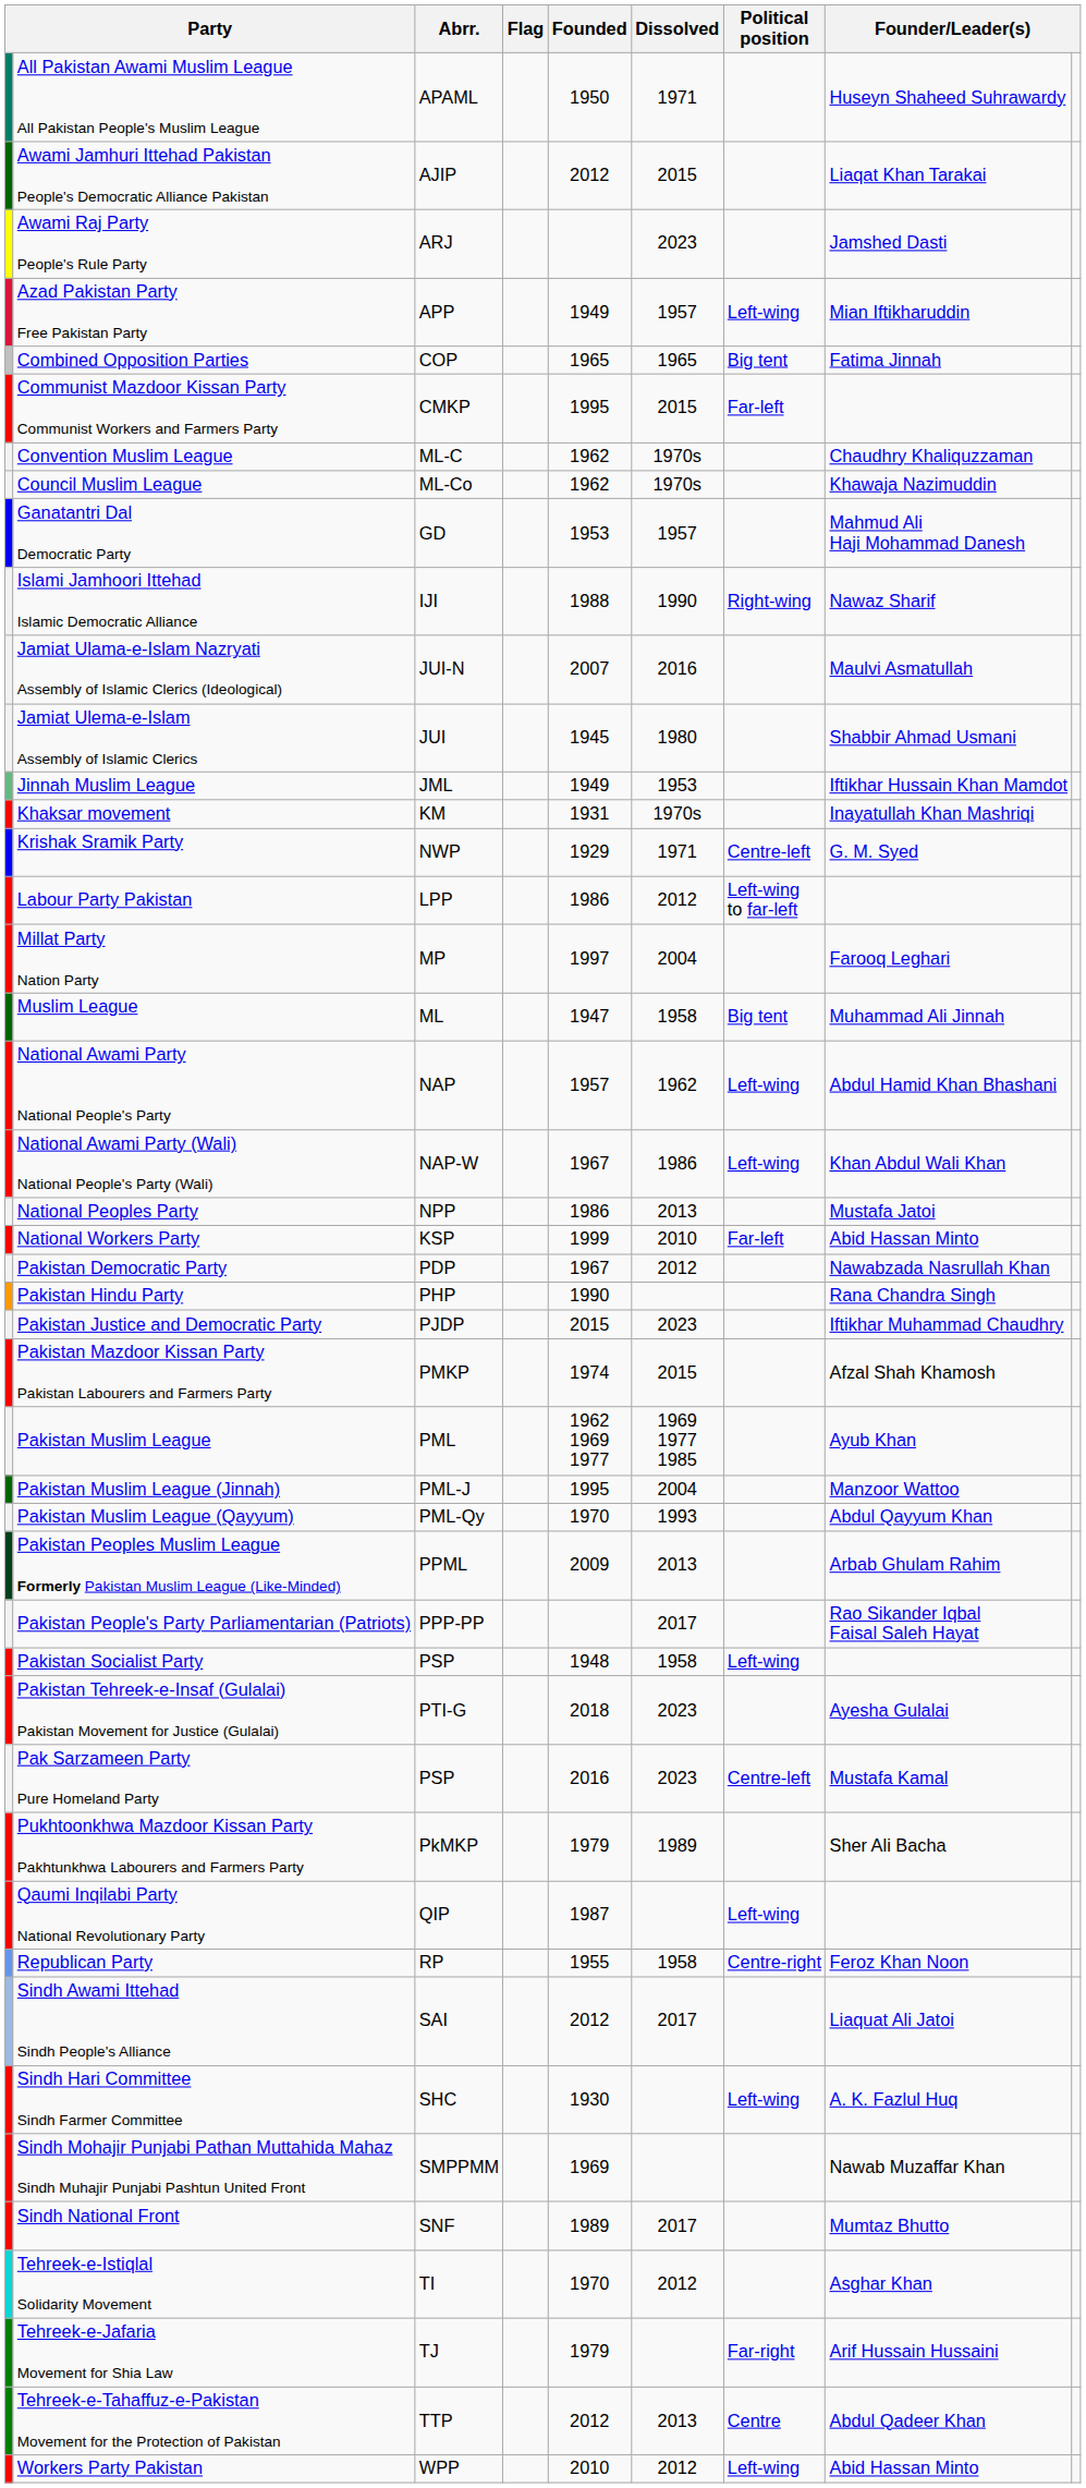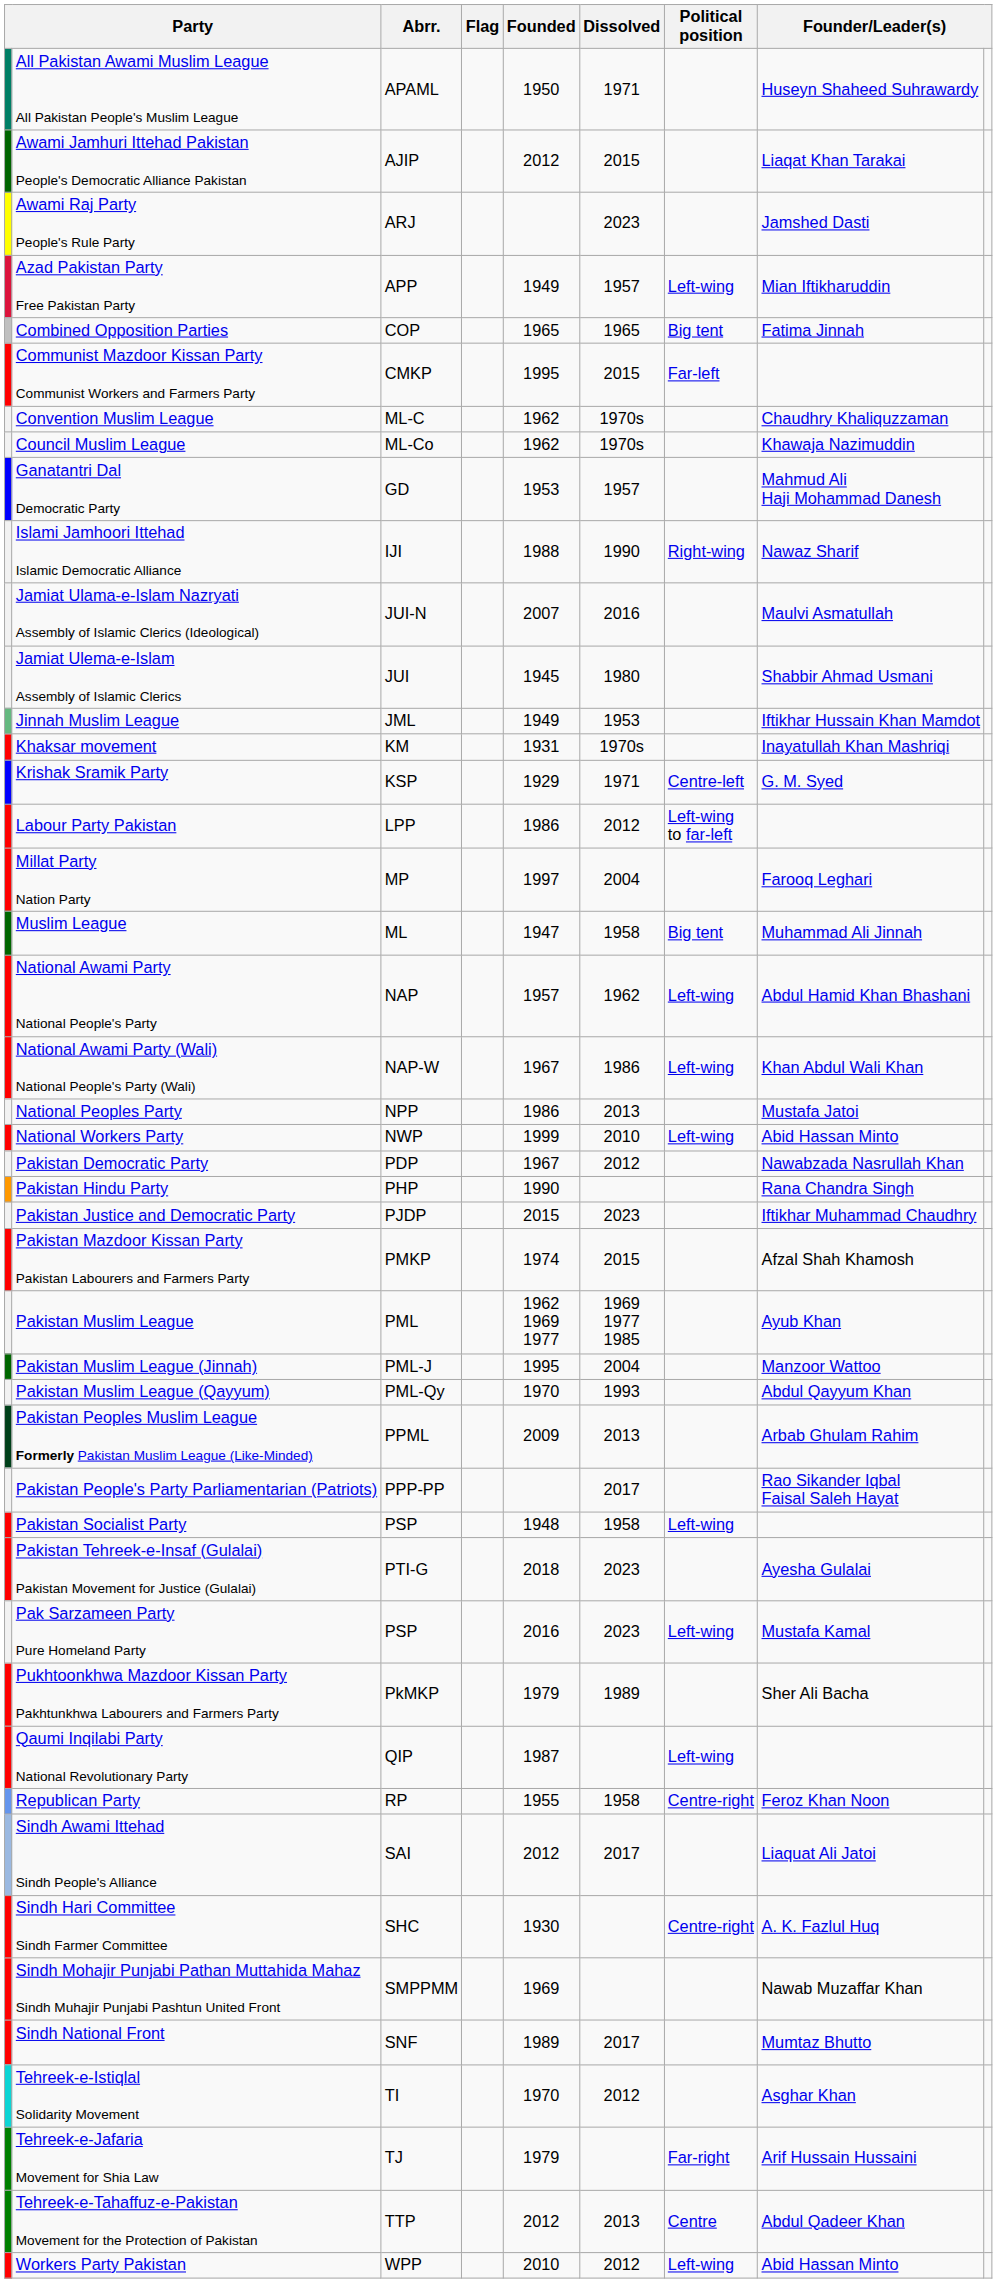 <table class="wikitable sortable">
 <tr>
 <th colspan="2" class="unsortable" scope="col" style="width:20px; text-align:center;">Party</th>
 <th>Abrr.</th>
 <th>Flag</th>
 <th>Founded</th>
 <th>Dissolved</th>
 <th class="unsortable" scope="col">Political<br>position</th>
 <th colspan="2">Founder/Leader(s)</th>
 </tr>
 <tr>
 <th style="background-color: #007f66"></th>
 <td><a href='#'>All Pakistan Awami Muslim League</a><br><br><br><small>All Pakistan People's Muslim League</small></td>
 <td>APAML</td>
 <td></td>
 <td align="center">1950</td>
 <td align="center">1971</td>
 <td></td>
 <td><a href='#'>Huseyn Shaheed Suhrawardy</a></td>
 <td></td>
 </tr>
 <tr>
 <th style="background-color: #006400"></th>
 <td><a href='#'>Awami Jamhuri Ittehad Pakistan</a><br><br><small>People's Democratic Alliance Pakistan</small></td>
 <td>AJIP</td>
 <td></td>
 <td align="center">2012</td>
 <td align="center">2015</td>
 <td></td>
 <td><a href='#'>Liaqat Khan Tarakai</a></td>
 <td></td>
 </tr>
 <tr>
 <th style="background-color: yellow"></th>
 <td><a href='#'>Awami Raj Party</a><br><br><small>People's Rule Party</small></td>
 <td>ARJ</td>
 <td></td>
 <td align=center></td>
 <td align="center">2023</td>
 <td></td>
 <td><a href='#'>Jamshed Dasti</a></td>
 <td></td>
 </tr>
 <tr>
 <th style="background-color: #dc143c"></th>
 <td><a href='#'>Azad Pakistan Party</a><br><br><small>Free Pakistan Party</small></td>
 <td>APP</td>
 <td></td>
 <td align="center">1949</td>
 <td align="center">1957</td>
 <td><a href='#'>Left-wing</a></td>
 <td><a href='#'>Mian Iftikharuddin</a></td>
 <td></td>
 </tr>
 <tr>
 <th style="background-color: #C0C0C0"></th>
 <td><a href='#'>Combined Opposition Parties</a><br> </td>
 <td>COP</td>
 <td></td>
 <td align="center">1965</td>
 <td align="center">1965</td>
 <td><a href='#'>Big tent</a></td>
 <td><a href='#'>Fatima Jinnah</a></td>
 <td></td>
 </tr>
 <tr>
 <th style="background-color: red"></th>
 <td><a href='#'>Communist Mazdoor Kissan Party</a><br><br><small>Communist Workers and Farmers Party</small></td>
 <td>CMKP</td>
 <td></td>
 <td align="center">1995</td>
 <td align="center">2015</td>
 <td><a href='#'>Far-left</a></td>
 <td></td>
 <td></td>
 </tr>
 <tr>
 <th style="background-color: "></th>
 <td><a href='#'>Convention Muslim League</a><br></td>
 <td>ML-C</td>
 <td></td>
 <td align="center">1962</td>
 <td align="center">1970s</td>
 <td></td>
 <td><a href='#'>Chaudhry Khaliquzzaman</a></td>
 <td></td>
 </tr>
 <tr>
 <th style="background-color: "></th>
 <td><a href='#'>Council Muslim League</a><br></td>
 <td>ML-Co</td>
 <td></td>
 <td align="center">1962</td>
 <td align="center">1970s</td>
 <td></td>
 <td><a href='#'>Khawaja Nazimuddin</a></td>
 <td></td>
 </tr>
 <tr>
 <th style="background-color: blue"></th>
 <td><a href='#'>Ganatantri Dal</a><br><br><small>Democratic Party</small></td>
 <td>GD</td>
 <td></td>
 <td align="center">1953</td>
 <td align="center">1957</td>
 <td></td>
 <td><a href='#'>Mahmud Ali</a> <br><a href='#'>Haji Mohammad Danesh</a></td>
 <td></td>
 </tr>
 <tr>
 <th style="background-color: "></th>
 <td><a href='#'>Islami Jamhoori Ittehad</a><br><br><small>Islamic Democratic Alliance</small></td>
 <td>IJI</td>
 <td></td>
 <td align="center">1988</td>
 <td align="center">1990</td>
 <td><a href='#'>Right-wing</a></td>
 <td><a href='#'>Nawaz Sharif</a></td>
 <td></td>
 </tr>
 <tr>
 <th style="background-color: "></th>
 <td><a href='#'>Jamiat Ulama-e-Islam Nazryati</a><br><br><small>Assembly of Islamic Clerics (Ideological)</small></td>
 <td>JUI-N</td>
 <td></td>
 <td align="center">2007</td>
 <td align="center">2016</td>
 <td></td>
 <td><a href='#'>Maulvi Asmatullah</a></td>
 <td></td>
 </tr>
 <tr>
 <th style="background-color: "></th>
 <td><a href='#'>Jamiat Ulema-e-Islam</a><br><br><small>Assembly of Islamic Clerics</small></td>
 <td>JUI</td>
 <td></td>
 <td align="center">1945</td>
 <td align="center">1980</td>
 <td></td>
 <td><a href='#'>Shabbir Ahmad Usmani</a></td>
 <td></td>
 </tr>
 <tr>
 <th style="background-color: #65b980"></th>
 <td><a href='#'>Jinnah Muslim League</a><br></td>
 <td>JML</td>
 <td></td>
 <td align="center">1949</td>
 <td align="center">1953</td>
 <td></td>
 <td><a href='#'>Iftikhar Hussain Khan Mamdot</a></td>
 <td></td>
 </tr>
 <tr>
 <th style="background-color: red"></th>
 <td><a href='#'>Khaksar movement</a><br></td>
 <td>KM</td>
 <td></td>
 <td align="center">1931</td>
 <td align="center">1970s</td>
 <td></td>
 <td><a href='#'>Inayatullah Khan Mashriqi</a></td>
 <td></td>
 </tr>
 <tr>
 <th style="background-color: blue"></th>
 <td><a href='#'>Krishak Sramik Party</a><br><br></td>
-<td>NWP</td>
+<td>KSP</td>
 <td></td>
 <td align="center">1929</td>
 <td align="center">1971</td>
 <td><a href='#'>Centre-left</a></td>
 <td><a href='#'>G. M. Syed</a></td>
 <td></td>
 </tr>
 <tr>
 <th style="background-color: red"></th>
 <td><a href='#'>Labour Party Pakistan</a><br></td>
 <td>LPP</td>
 <td></td>
 <td align="center">1986</td>
 <td align="center">2012</td>
 <td><a href='#'>Left-wing</a><br>to <a href='#'>far-left</a></td>
 <td></td>
 <td></td>
 </tr>
 <tr>
 <th style="background-color: red"></th>
 <td><a href='#'>Millat Party</a><br><br><small>Nation Party</small></td>
 <td>MP</td>
 <td></td>
 <td align="center">1997</td>
 <td align="center">2004</td>
 <td></td>
 <td><a href='#'>Farooq Leghari</a></td>
 <td></td>
 </tr>
 <tr>
 <th style="background-color: #006600"></th>
 <td><a href='#'>Muslim League</a><br><br></td>
 <td>ML</td>
 <td></td>
 <td align="center">1947</td>
 <td align="center">1958</td>
 <td><a href='#'>Big tent</a></td>
 <td><a href='#'>Muhammad Ali Jinnah</a></td>
 <td></td>
 </tr>
 <tr>
 <th style="background-color: red"></th>
 <td><a href='#'>National Awami Party</a><br><br><br><small>National People's Party</small></td>
 <td>NAP</td>
 <td></td>
 <td align="center">1957</td>
 <td align="center">1962</td>
 <td><a href='#'>Left-wing</a></td>
 <td><a href='#'>Abdul Hamid Khan Bhashani</a></td>
 <td></td>
 </tr>
 <tr>
 <th style="background-color: red"></th>
 <td><a href='#'>National Awami Party (Wali)</a><br><br><small>National People's Party (Wali)</small></td>
 <td>NAP-W</td>
 <td></td>
 <td align="center">1967</td>
 <td align="center">1986</td>
 <td><a href='#'>Left-wing</a></td>
 <td><a href='#'>Khan Abdul Wali Khan</a></td>
 <td></td>
 </tr>
 <tr>
 <th style="background-color: "></th>
 <td><a href='#'>National Peoples Party</a><br></td>
 <td>NPP</td>
 <td></td>
 <td align="center">1986</td>
 <td align="center">2013</td>
 <td></td>
 <td><a href='#'>Mustafa Jatoi</a></td>
 <td></td>
 </tr>
 <tr>
 <th style="background-color: red"></th>
 <td><a href='#'>National Workers Party</a><br></td>
-<td>KSP</td>
+<td>NWP</td>
 <td></td>
 <td align="center">1999</td>
 <td align="center">2010</td>
-<td><a href='#'>Far-left</a></td>
+<td><a href='#'>Left-wing</a></td>
 <td><a href='#'>Abid Hassan Minto</a></td>
 <td></td>
 </tr>
 <tr>
 <th style="background-color: "></th>
 <td><a href='#'>Pakistan Democratic Party</a><br></td>
 <td>PDP</td>
 <td></td>
 <td align="center">1967</td>
 <td align="center">2012</td>
 <td></td>
 <td><a href='#'>Nawabzada Nasrullah Khan</a></td>
 <td></td>
 </tr>
 <tr>
 <th style="background-color: #FF9900"></th>
 <td><a href='#'>Pakistan Hindu Party</a><br></td>
 <td>PHP</td>
 <td></td>
 <td align="center">1990</td>
 <td></td>
 <td></td>
 <td><a href='#'>Rana Chandra Singh</a></td>
 <td></td>
 </tr>
 <tr>
 <th style="background-color: "></th>
 <td><a href='#'>Pakistan Justice and Democratic Party</a><br></td>
 <td>PJDP</td>
 <td></td>
 <td align="center">2015</td>
 <td align="center">2023</td>
 <td></td>
 <td><a href='#'>Iftikhar Muhammad Chaudhry</a></td>
 <td></td>
 </tr>
 <tr>
 <th style="background-color: red"></th>
 <td><a href='#'>Pakistan Mazdoor Kissan Party</a><br><br><small>Pakistan Labourers and Farmers Party</small></td>
 <td>PMKP</td>
 <td></td>
 <td align="center">1974</td>
 <td align="center">2015</td>
 <td></td>
 <td>Afzal Shah Khamosh</td>
 <td></td>
 </tr>
 <tr>
 <th style="background-color: "></th>
 <td><a href='#'>Pakistan Muslim League</a><br></td>
 <td>PML</td>
 <td></td>
 <td align="center">1962<br>1969<br>1977</td>
 <td align="center">1969<br>1977<br>1985</td>
 <td></td>
 <td><a href='#'>Ayub Khan</a></td>
 <td></td>
 </tr>
 <tr>
 <th style="background-color: #006600"></th>
 <td><a href='#'>Pakistan Muslim League (Jinnah)</a><br></td>
 <td>PML-J</td>
 <td></td>
 <td align="center">1995</td>
 <td align="center">2004</td>
 <td></td>
 <td><a href='#'>Manzoor Wattoo</a></td>
 <td></td>
 </tr>
 <tr>
 <th style="background-color: "></th>
 <td><a href='#'>Pakistan Muslim League (Qayyum)</a><br></td>
 <td>PML-Qy</td>
 <td></td>
 <td align="center">1970</td>
 <td align="center">1993</td>
 <td></td>
 <td><a href='#'>Abdul Qayyum Khan</a></td>
 <td></td>
 </tr>
 <tr>
 <th style="background-color: #00401A"></th>
 <td><a href='#'>Pakistan Peoples Muslim League</a><br><br><small><strong>Formerly</strong> <a href='#'>Pakistan Muslim League (Like-Minded)</a><br></small></td>
 <td>PPML</td>
 <td></td>
 <td align="center">2009</td>
 <td align="center">2013</td>
 <td></td>
 <td><a href='#'>Arbab Ghulam Rahim</a></td>
 <td></td>
 </tr>
 <tr>
 <th style="background-color: "></th>
 <td><a href='#'>Pakistan People's Party Parliamentarian (Patriots)</a></td>
 <td>PPP-PP</td>
 <td></td>
 <td></td>
 <td align="center">2017</td>
 <td></td>
 <td><a href='#'>Rao Sikander Iqbal</a><br><a href='#'>Faisal Saleh Hayat</a></td>
 <td></td>
 </tr>
 <tr>
 <th style="background-color: red"></th>
 <td><a href='#'>Pakistan Socialist Party</a><br></td>
 <td>PSP</td>
 <td></td>
 <td align="center">1948</td>
 <td align="center">1958</td>
 <td><a href='#'>Left-wing</a></td>
 <td></td>
 <td></td>
 </tr>
 <tr>
 <th style="background-color: red"></th>
 <td><a href='#'>Pakistan Tehreek-e-Insaf (Gulalai)</a><br><br><small>Pakistan Movement for Justice (Gulalai)</small></td>
 <td>PTI-G</td>
 <td></td>
 <td align="center">2018</td>
 <td align="center">2023</td>
 <td></td>
 <td><a href='#'>Ayesha Gulalai</a></td>
 <td></td>
 </tr>
 <tr>
 <th style="background-color: "></th>
 <td><a href='#'>Pak Sarzameen Party</a><br><br><small>Pure Homeland Party</small></td>
 <td>PSP</td>
 <td></td>
 <td align="center">2016</td>
 <td align="center">2023</td>
-<td><a href='#'>Centre-left</a></td>
+<td><a href='#'>Left-wing</a></td>
 <td><a href='#'>Mustafa Kamal</a></td>
 <td></td>
 </tr>
 <tr>
 <th style="background-color: red"></th>
 <td><a href='#'>Pukhtoonkhwa Mazdoor Kissan Party</a><br><br><small>Pakhtunkhwa Labourers and Farmers Party</small></td>
 <td>PkMKP</td>
 <td></td>
 <td align="center">1979</td>
 <td align="center">1989</td>
 <td></td>
 <td>Sher Ali Bacha</td>
 <td></td>
 </tr>
 <tr>
 <th style="background-color: red"></th>
 <td><a href='#'>Qaumi Inqilabi Party</a><br><br><small>National Revolutionary Party</small></td>
 <td>QIP</td>
 <td></td>
 <td align="center">1987</td>
 <td></td>
 <td><a href='#'>Left-wing</a></td>
 <td></td>
 <td></td>
 </tr>
 <tr>
 <th style="background-color: #6495ED"></th>
 <td><a href='#'>Republican Party</a><br></td>
 <td>RP</td>
 <td></td>
 <td align="center">1955</td>
 <td align="center">1958</td>
 <td><a href='#'>Centre-right</a></td>
 <td><a href='#'>Feroz Khan Noon</a></td>
 <td></td>
 </tr>
 <tr>
 <th style="background-color: #9bb9e1"></th>
 <td><a href='#'>Sindh Awami Ittehad</a><br><br><br><small>Sindh People's Alliance</small></td>
 <td>SAI</td>
 <td></td>
 <td align="center">2012</td>
 <td align="center">2017</td>
 <td></td>
 <td><a href='#'>Liaquat Ali Jatoi</a></td>
 <td></td>
 </tr>
 <tr>
 <th style="background-color: red"></th>
 <td><a href='#'>Sindh Hari Committee</a><br><br><small>Sindh Farmer Committee</small></td>
 <td>SHC</td>
 <td></td>
 <td align="center">1930</td>
 <td></td>
-<td><a href='#'>Left-wing</a></td>
+<td><a href='#'>Centre-right</a></td>
 <td><a href='#'>A. K. Fazlul Huq</a></td>
 <td></td>
 </tr>
 <tr>
 <th style="background-color: red"></th>
 <td><a href='#'>Sindh Mohajir Punjabi Pathan Muttahida Mahaz</a><br><br><small>Sindh Muhajir Punjabi Pashtun United Front</small></td>
 <td>SMPPMM</td>
 <td></td>
 <td align="center">1969</td>
 <td></td>
 <td></td>
 <td>Nawab Muzaffar Khan</td>
 <td></td>
 </tr>
 <tr>
 <th style="background-color: red"></th>
 <td><a href='#'>Sindh National Front</a><br><br></td>
 <td>SNF</td>
 <td></td>
 <td align="center">1989</td>
 <td align="center">2017</td>
 <td></td>
 <td><a href='#'>Mumtaz Bhutto</a></td>
 <td></td>
 </tr>
 <tr>
 <th style="background-color: #0DD5D5"></th>
 <td><a href='#'>Tehreek-e-Istiqlal</a><br><br><small>Solidarity Movement</small></td>
 <td>TI</td>
 <td></td>
 <td align="center">1970</td>
 <td align="center">2012</td>
 <td></td>
 <td><a href='#'>Asghar Khan</a></td>
 <td></td>
 </tr>
 <tr>
 <th style="background-color: #008000"></th>
 <td><a href='#'>Tehreek-e-Jafaria</a><br><br><small>Movement for Shia Law</small></td>
 <td>TJ</td>
 <td></td>
 <td align="center">1979</td>
 <td></td>
 <td><a href='#'>Far-right</a></td>
 <td><a href='#'>Arif Hussain Hussaini</a></td>
 <td></td>
 </tr>
 <tr>
 <th style="background-color: green"></th>
 <td><a href='#'>Tehreek-e-Tahaffuz-e-Pakistan</a><br><br><small>Movement for the Protection of Pakistan</small></td>
 <td>TTP</td>
 <td></td>
 <td align="center">2012</td>
 <td align="center">2013</td>
 <td><a href='#'>Centre</a></td>
 <td><a href='#'>Abdul Qadeer Khan</a></td>
 <td></td>
 </tr>
 <tr>
 <th style="background-color: red"></th>
 <td><a href='#'>Workers Party Pakistan</a><br></td>
 <td>WPP</td>
 <td></td>
 <td align="center">2010</td>
 <td align="center">2012</td>
 <td><a href='#'>Left-wing</a></td>
 <td><a href='#'>Abid Hassan Minto</a></td>
 <td></td>
 </tr>
 </table>
